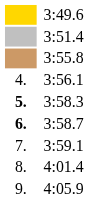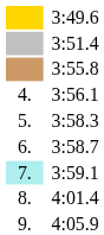 <table style="text-align:center">
 <tr>
 <td width=30 bgcolor=gold></td>
 <td align=left></td>
 <td>3:49.6</td>
 </tr>
 <tr>
 <td bgcolor=silver></td>
 <td align=left></td>
 <td>3:51.4</td>
 </tr>
 <tr>
 <td bgcolor=cc9966></td>
 <td align=left></td>
 <td>3:55.8</td>
 </tr>
 <tr>
 <td>4.</td>
 <td align=left></td>
 <td>3:56.1</td>
 </tr>
 <tr>
-<td><strong>5.</strong></td>
+<td>5.</td>
 <td align=left></td>
 <td>3:58.3</td>
 </tr>
 <tr>
-<td><strong>6.</strong></td>
+<td>6.</td>
 <td align=left></td>
 <td>3:58.7</td>
 </tr>
 <tr>
-<td>7.</td>
+<td style="background: paleturquoise;">7.</td>
 <td align=left></td>
 <td>3:59.1</td>
 </tr>
 <tr>
 <td>8.</td>
 <td align=left></td>
 <td>4:01.4</td>
 </tr>
 <tr>
 <td>9.</td>
 <td align=left></td>
 <td>4:05.9</td>
 </tr>
 </table>
